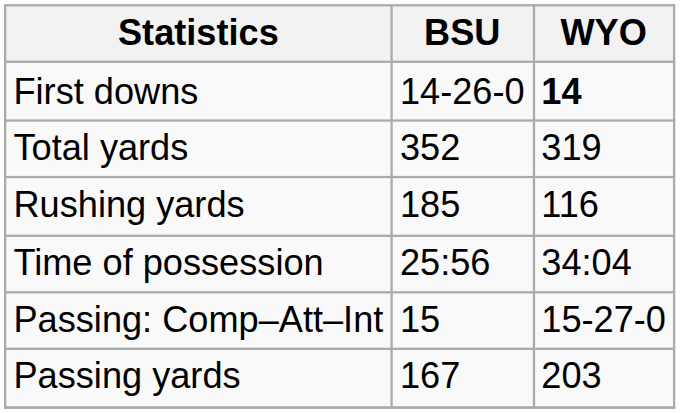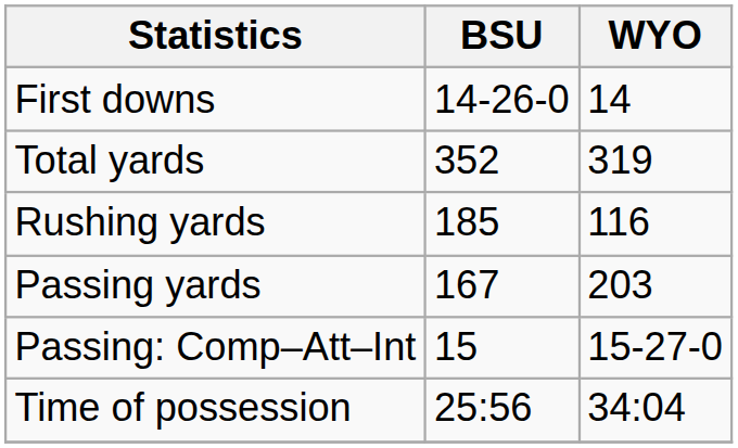 <table class="wikitable" style="float: left;">
 <tr>
 <th>Statistics</th>
 <th>BSU</th>
 <th>WYO</th>
 </tr>
 <tr>
 <td>First downs</td>
 <td>14-26-0</td>
-<td><strong>14</strong></td>
+<td>14</td>
 </tr>
 <tr>
 <td>Total yards</td>
 <td>352</td>
 <td>319</td>
 </tr>
 <tr>
 <td>Rushing yards</td>
 <td>185</td>
 <td>116</td>
 </tr>
 <tr>
-<td>Time of possession</td>
-<td>25:56</td>
-<td>34:04</td>
+<td>Passing yards</td>
+<td>167</td>
+<td>203</td>
 </tr>
 <tr>
 <td>Passing: Comp–Att–Int</td>
 <td>15</td>
 <td>15-27-0</td>
 </tr>
 <tr>
-<td>Passing yards</td>
-<td>167</td>
-<td>203</td>
+<td>Time of possession</td>
+<td>25:56</td>
+<td>34:04</td>
 </tr>
 <tr>
 </tr>
 </table>
